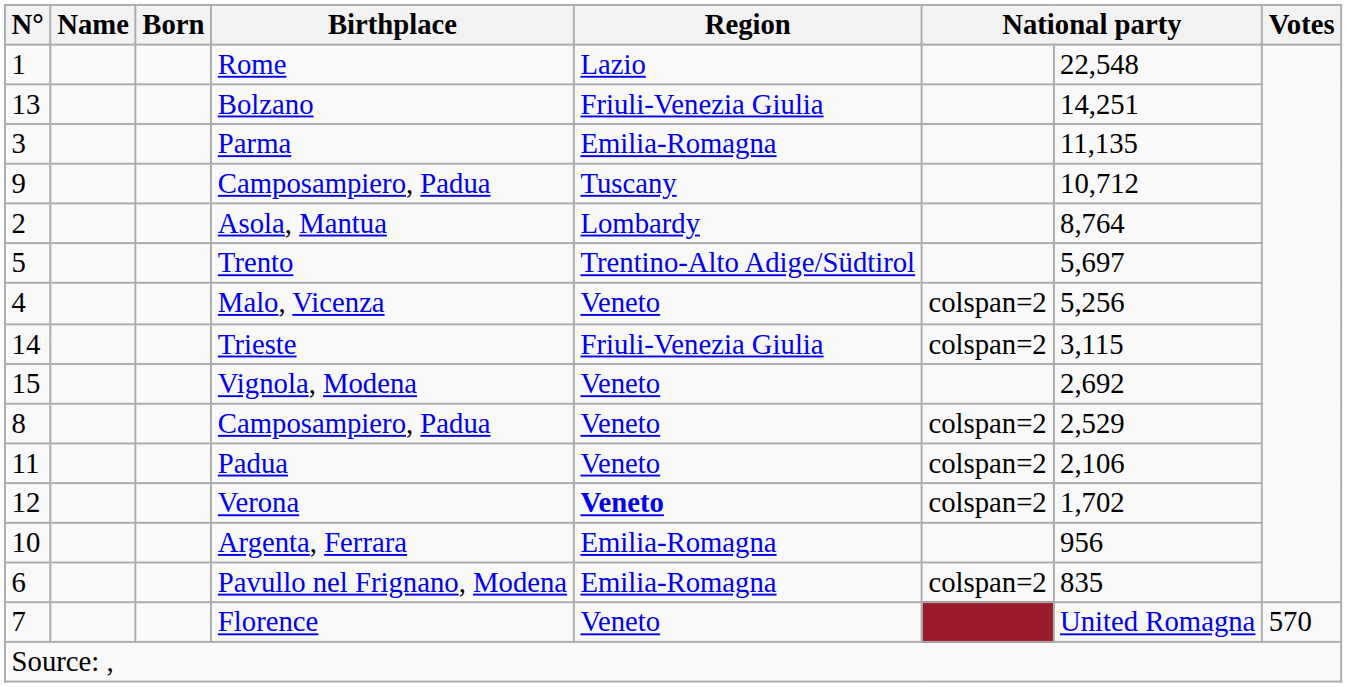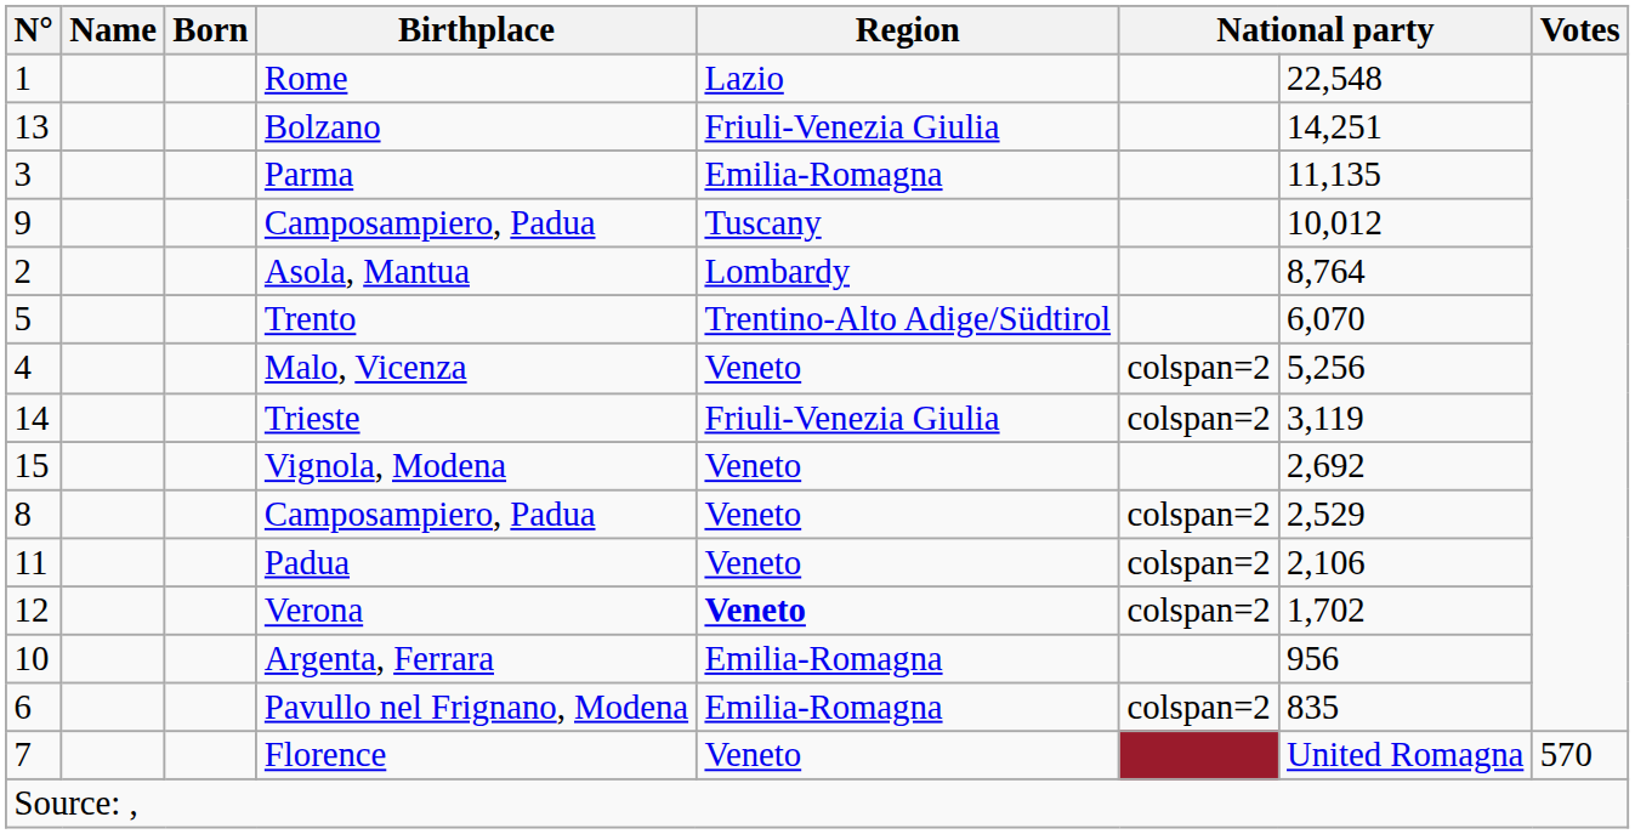 <table class="wikitable sortable" style="font-size:95%;line-height:14px;">
 <tr>
 <th>N°</th>
 <th>Name</th>
 <th>Born</th>
 <th>Birthplace</th>
 <th>Region</th>
 <th colspan="2">National party</th>
 <th>Votes</th>
 </tr>
 <tr>
 <td>1</td>
 <td></td>
 <td></td>
 <td><a href='#'>Rome</a></td>
 <td><a href='#'>Lazio</a></td>
 <td></td>
 <td>22,548</td>
 </tr>
 <tr>
 <td>13</td>
 <td></td>
 <td></td>
 <td><a href='#'>Bolzano</a></td>
 <td><a href='#'>Friuli-Venezia Giulia</a></td>
 <td></td>
 <td>14,251</td>
 </tr>
 <tr>
 <td>3</td>
 <td></td>
 <td></td>
 <td><a href='#'>Parma</a></td>
 <td><a href='#'>Emilia-Romagna</a></td>
 <td></td>
 <td>11,135</td>
 </tr>
 <tr>
 <td>9</td>
 <td></td>
 <td></td>
 <td><a href='#'>Camposampiero</a>, <a href='#'>Padua</a></td>
 <td><a href='#'>Tuscany</a></td>
 <td></td>
-<td>10,712</td>
+<td>10,012</td>
 </tr>
 <tr>
 <td>2</td>
 <td></td>
 <td></td>
 <td><a href='#'>Asola</a>, <a href='#'>Mantua</a></td>
 <td><a href='#'>Lombardy</a></td>
 <td></td>
 <td>8,764</td>
 </tr>
 <tr>
 <td>5</td>
 <td></td>
 <td></td>
 <td><a href='#'>Trento</a></td>
 <td><a href='#'>Trentino-Alto Adige/Südtirol</a></td>
 <td></td>
-<td>5,697</td>
+<td>6,070</td>
 </tr>
 <tr>
 <td>4</td>
 <td></td>
 <td></td>
 <td><a href='#'>Malo</a>, <a href='#'>Vicenza</a></td>
 <td><a href='#'>Veneto</a></td>
 <td>colspan=2 </td>
 <td>5,256</td>
 </tr>
 <tr>
 <td>14</td>
 <td></td>
 <td></td>
 <td><a href='#'>Trieste</a></td>
 <td><a href='#'>Friuli-Venezia Giulia</a></td>
 <td>colspan=2 </td>
-<td>3,115</td>
+<td>3,119</td>
 </tr>
 <tr>
 <td>15</td>
 <td></td>
 <td></td>
 <td><a href='#'>Vignola</a>, <a href='#'>Modena</a></td>
 <td><a href='#'>Veneto</a></td>
 <td></td>
 <td>2,692</td>
 </tr>
 <tr>
 <td>8</td>
 <td></td>
 <td></td>
 <td><a href='#'>Camposampiero</a>, <a href='#'>Padua</a></td>
 <td><a href='#'>Veneto</a></td>
 <td>colspan=2 </td>
 <td>2,529</td>
 </tr>
 <tr>
 <td>11</td>
 <td></td>
 <td></td>
 <td><a href='#'>Padua</a></td>
 <td><a href='#'>Veneto</a></td>
 <td>colspan=2 </td>
 <td>2,106</td>
 </tr>
 <tr>
 <td>12</td>
 <td></td>
 <td></td>
 <td><a href='#'>Verona</a></td>
 <td><strong><a href='#'>Veneto</a></strong></td>
 <td>colspan=2 </td>
 <td>1,702</td>
 </tr>
 <tr>
 <td>10</td>
 <td></td>
 <td></td>
 <td><a href='#'>Argenta</a>, <a href='#'>Ferrara</a></td>
 <td><a href='#'>Emilia-Romagna</a></td>
 <td></td>
 <td>956</td>
 </tr>
 <tr>
 <td>6</td>
 <td></td>
 <td></td>
 <td><a href='#'>Pavullo nel Frignano</a>, <a href='#'>Modena</a></td>
 <td><a href='#'>Emilia-Romagna</a></td>
 <td>colspan=2 </td>
 <td>835</td>
 </tr>
 <tr>
 <td>7</td>
 <td></td>
 <td></td>
 <td><a href='#'>Florence</a></td>
 <td><a href='#'>Veneto</a></td>
 <td style="background:#9A1B2C;"></td>
 <td><a href='#'>United Romagna</a></td>
 <td>570</td>
 </tr>
 <tr>
 <td colspan="8">Source: , </td>
 </tr>
 </table>
